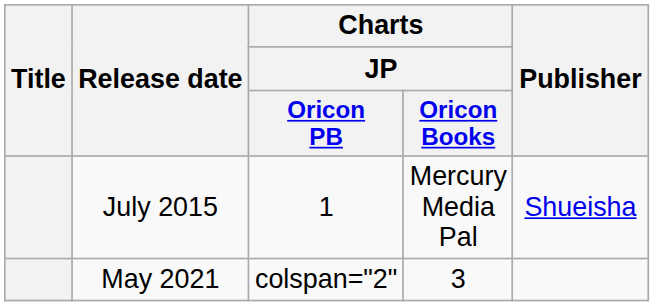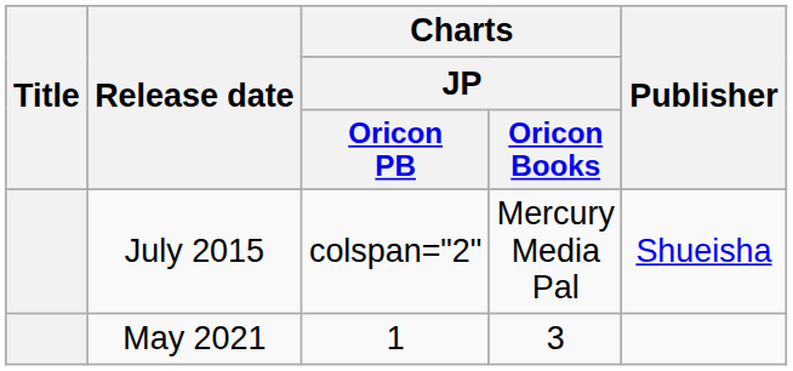 <table class="wikitable plainrowheaders" style="text-align:center">
 <tr>
 <th scope="col" rowspan="3">Title</th>
 <th scope="col" rowspan="3">Release date</th>
 <th scope="col" colspan="2">Charts</th>
 <th scope="col" rowspan="3">Publisher</th>
 </tr>
 <tr>
 <th scope="col" colspan="2">JP</th>
 </tr>
 <tr>
 <th scope="col" style="font-size:90%; width:2.5em"><a href='#'>Oricon<br>PB</a><br></th>
 <th scope="col" style="font-size:90%; width:2.5em"><a href='#'>Oricon<br>Books</a><br></th>
 </tr>
 <tr>
 <th scope="row"></th>
 <td>July 2015</td>
-<td>1</td>
+<td>colspan="2" </td>
 <td>Mercury<br>Media Pal</td>
 <td><a href='#'>Shueisha</a></td>
 </tr>
 <tr>
 <th scope="row"></th>
 <td>May 2021</td>
-<td>colspan="2" </td>
+<td>1</td>
 <td>3</td>
 </tr>
 </table>
